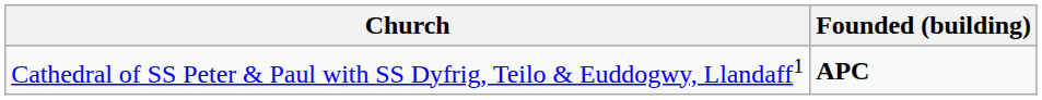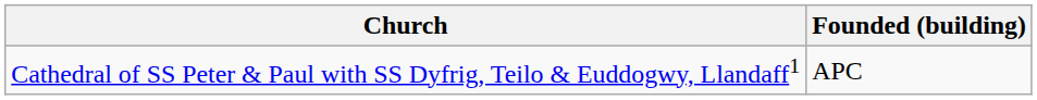 <table class="wikitable">
 <tr>
 <th>Church</th>
 <th>Founded (building)</th>
 </tr>
 <tr>
 <td><a href='#'>Cathedral of SS Peter & Paul with SS Dyfrig, Teilo & Euddogwy, Llandaff</a><sup>1</sup></td>
-<td><strong>APC</strong></td>
+<td>APC</td>
 </tr>
 </table>
